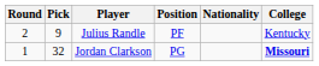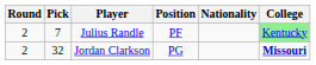 <table class="wikitable sortable sortable">
 <tr>
 <th>Round</th>
 <th>Pick</th>
 <th>Player</th>
 <th>Position</th>
 <th>Nationality</th>
 <th>College</th>
 </tr>
 <tr style="text-align: center">
 <td>2</td>
-<td>9</td>
+<td>7</td>
 <td><a href='#'>Julius Randle</a></td>
 <td><a href='#'>PF</a></td>
 <td></td>
-<td><a href='#'>Kentucky</a></td>
+<td style="background: lightgreen;"><a href='#'>Kentucky</a></td>
 </tr>
 <tr style="text-align: center">
-<td>1</td>
+<td>2</td>
 <td>32</td>
 <td><a href='#'>Jordan Clarkson</a></td>
 <td><a href='#'>PG</a></td>
 <td></td>
 <td><strong><a href='#'>Missouri</a></strong></td>
 </tr>
 </table>
